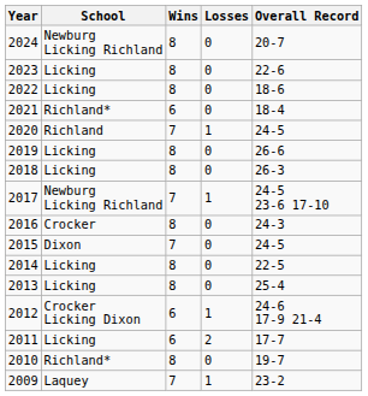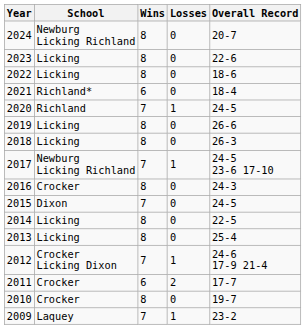 <table class="wikitable">
 <tr>
 <th>Year</th>
 <th>School</th>
 <th>Wins</th>
 <th>Losses</th>
 <th>Overall Record</th>
 </tr>
 <tr>
 <td>2024</td>
 <td>Newburg<br>Licking Richland</td>
 <td>8</td>
 <td>0</td>
 <td>20-7</td>
 </tr>
 <tr>
 <td>2023</td>
 <td>Licking</td>
 <td>8</td>
 <td>0</td>
 <td>22-6</td>
 </tr>
 <tr>
 <td>2022</td>
 <td>Licking</td>
 <td>8</td>
 <td>0</td>
 <td>18-6</td>
 </tr>
 <tr>
 <td>2021</td>
 <td>Richland*</td>
 <td>6</td>
 <td>0</td>
 <td>18-4</td>
 </tr>
 <tr>
 <td>2020</td>
 <td>Richland</td>
 <td>7</td>
 <td>1</td>
 <td>24-5</td>
 </tr>
 <tr>
 <td>2019</td>
 <td>Licking</td>
 <td>8</td>
 <td>0</td>
 <td>26-6</td>
 </tr>
 <tr>
 <td>2018</td>
 <td>Licking</td>
 <td>8</td>
 <td>0</td>
 <td>26-3</td>
 </tr>
 <tr>
 <td>2017</td>
 <td>Newburg<br>Licking Richland</td>
 <td>7</td>
 <td>1</td>
 <td>24-5<br>23-6 17-10</td>
 </tr>
 <tr>
 <td>2016</td>
 <td>Crocker</td>
 <td>8</td>
 <td>0</td>
 <td>24-3</td>
 </tr>
 <tr>
 <td>2015</td>
 <td>Dixon</td>
 <td>7</td>
 <td>0</td>
 <td>24-5</td>
 </tr>
 <tr>
 <td>2014</td>
 <td>Licking</td>
 <td>8</td>
 <td>0</td>
 <td>22-5</td>
 </tr>
 <tr>
 <td>2013</td>
 <td>Licking</td>
 <td>8</td>
 <td>0</td>
 <td>25-4</td>
 </tr>
 <tr>
 <td>2012</td>
 <td>Crocker<br>Licking Dixon</td>
-<td>6</td>
+<td>7</td>
 <td>1</td>
 <td>24-6<br>17-9 21-4</td>
 </tr>
 <tr>
 <td>2011</td>
-<td>Licking</td>
+<td>Crocker</td>
 <td>6</td>
 <td>2</td>
 <td>17-7</td>
 </tr>
 <tr>
 <td>2010</td>
-<td>Richland*</td>
+<td>Crocker</td>
 <td>8</td>
 <td>0</td>
 <td>19-7</td>
 </tr>
 <tr>
 <td>2009</td>
 <td>Laquey</td>
 <td>7</td>
 <td>1</td>
 <td>23-2</td>
 </tr>
 </table>
